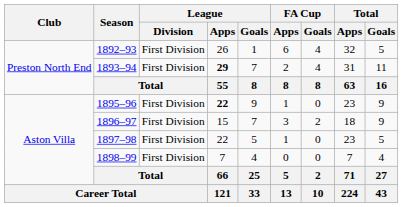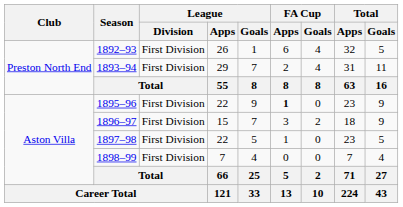 <table class="wikitable" style="text-align: center;">
 <tr>
 <th rowspan="2">Club</th>
 <th rowspan="2">Season</th>
 <th colspan="3">League</th>
 <th colspan="2">FA Cup</th>
 <th colspan="2">Total</th>
 </tr>
 <tr>
 <th>Division</th>
 <th>Apps</th>
 <th>Goals</th>
 <th>Apps</th>
 <th>Goals</th>
 <th>Apps</th>
 <th>Goals</th>
 </tr>
 <tr>
 <td rowspan=3><a href='#'>Preston North End</a></td>
 <td><a href='#'>1892–93</a></td>
 <td>First Division</td>
 <td>26</td>
 <td>1</td>
 <td>6</td>
 <td>4</td>
 <td>32</td>
 <td>5</td>
 </tr>
 <tr>
 <td><a href='#'>1893–94</a></td>
 <td>First Division</td>
-<td><strong>29</strong></td>
+<td>29</td>
 <td>7</td>
 <td>2</td>
 <td>4</td>
 <td>31</td>
 <td>11</td>
 </tr>
 <tr>
 <th colspan=2>Total</th>
 <th>55</th>
 <th>8</th>
 <th>8</th>
 <th>8</th>
 <th>63</th>
 <th>16</th>
 </tr>
 <tr>
 <td rowspan=5><a href='#'>Aston Villa</a></td>
 <td><a href='#'>1895–96</a></td>
 <td>First Division</td>
-<td><strong>22</strong></td>
+<td>22</td>
 <td>9</td>
-<td>1</td>
+<td><strong>1</strong></td>
 <td>0</td>
 <td>23</td>
 <td>9</td>
 </tr>
 <tr>
 <td><a href='#'>1896–97</a></td>
 <td>First Division</td>
 <td>15</td>
 <td>7</td>
 <td>3</td>
 <td>2</td>
 <td>18</td>
 <td>9</td>
 </tr>
 <tr>
 <td><a href='#'>1897–98</a></td>
 <td>First Division</td>
 <td>22</td>
 <td>5</td>
 <td>1</td>
 <td>0</td>
 <td>23</td>
 <td>5</td>
 </tr>
 <tr>
 <td><a href='#'>1898–99</a></td>
 <td>First Division</td>
 <td>7</td>
 <td>4</td>
 <td>0</td>
 <td>0</td>
 <td>7</td>
 <td>4</td>
 </tr>
 <tr>
 <th colspan=2>Total</th>
 <th>66</th>
 <th>25</th>
 <th>5</th>
 <th>2</th>
 <th>71</th>
 <th>27</th>
 </tr>
 <tr>
 <th colspan="3">Career Total</th>
 <th>121</th>
 <th>33</th>
 <th>13</th>
 <th>10</th>
 <th>224</th>
 <th>43</th>
 </tr>
 </table>
